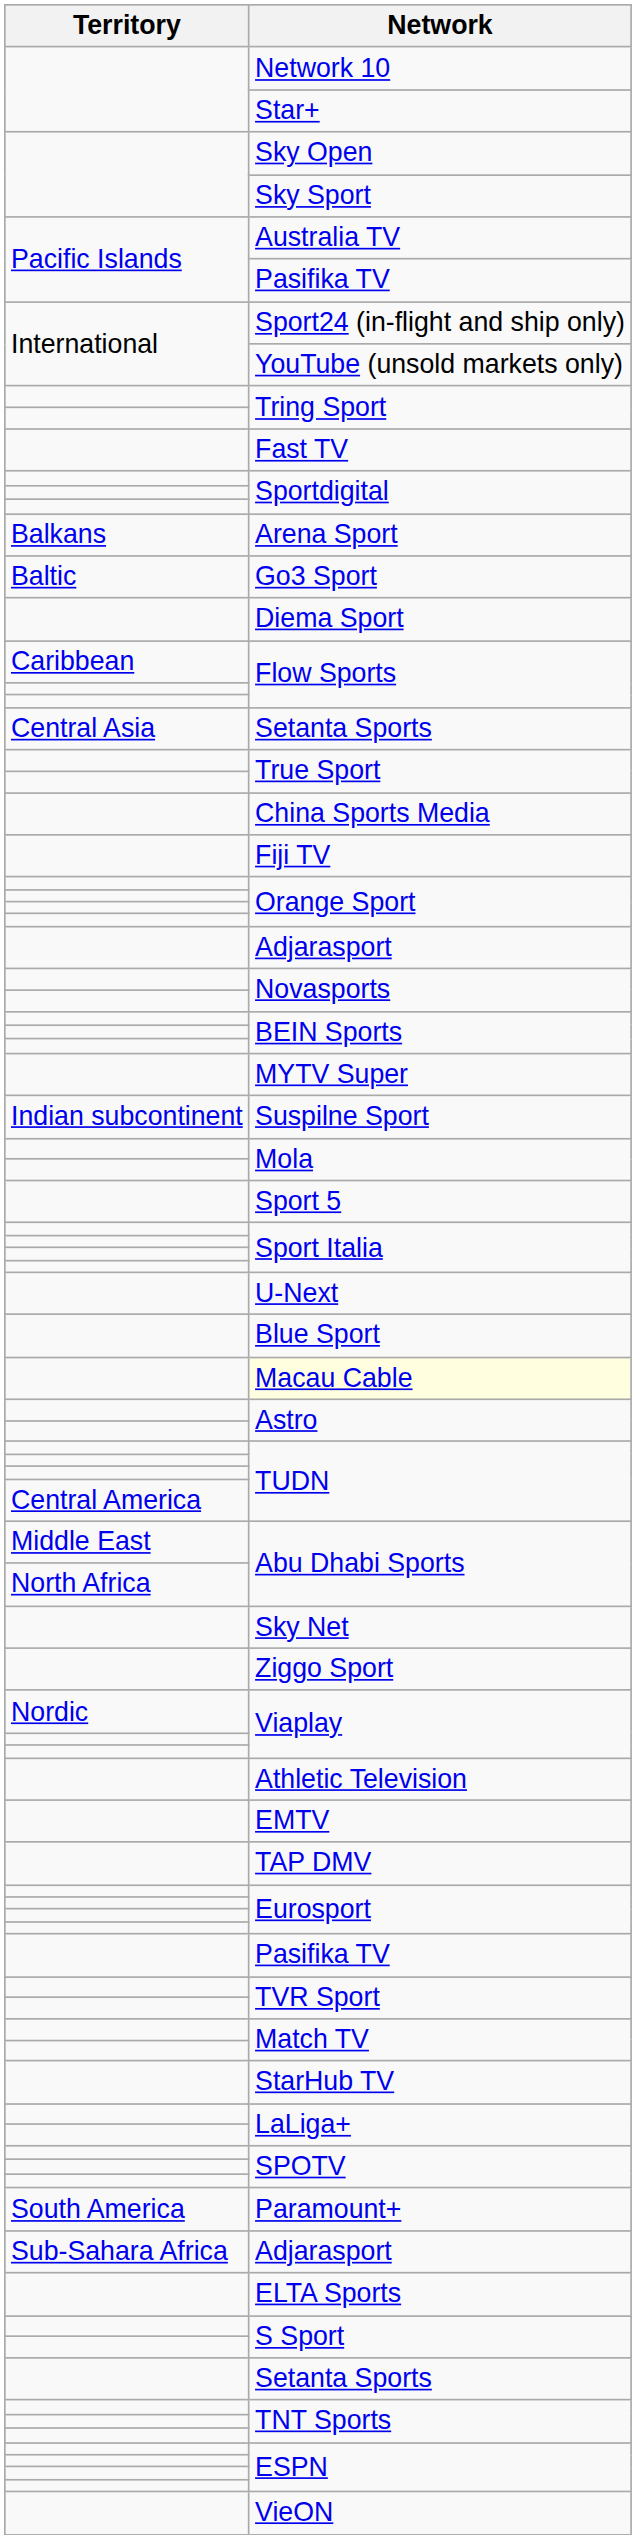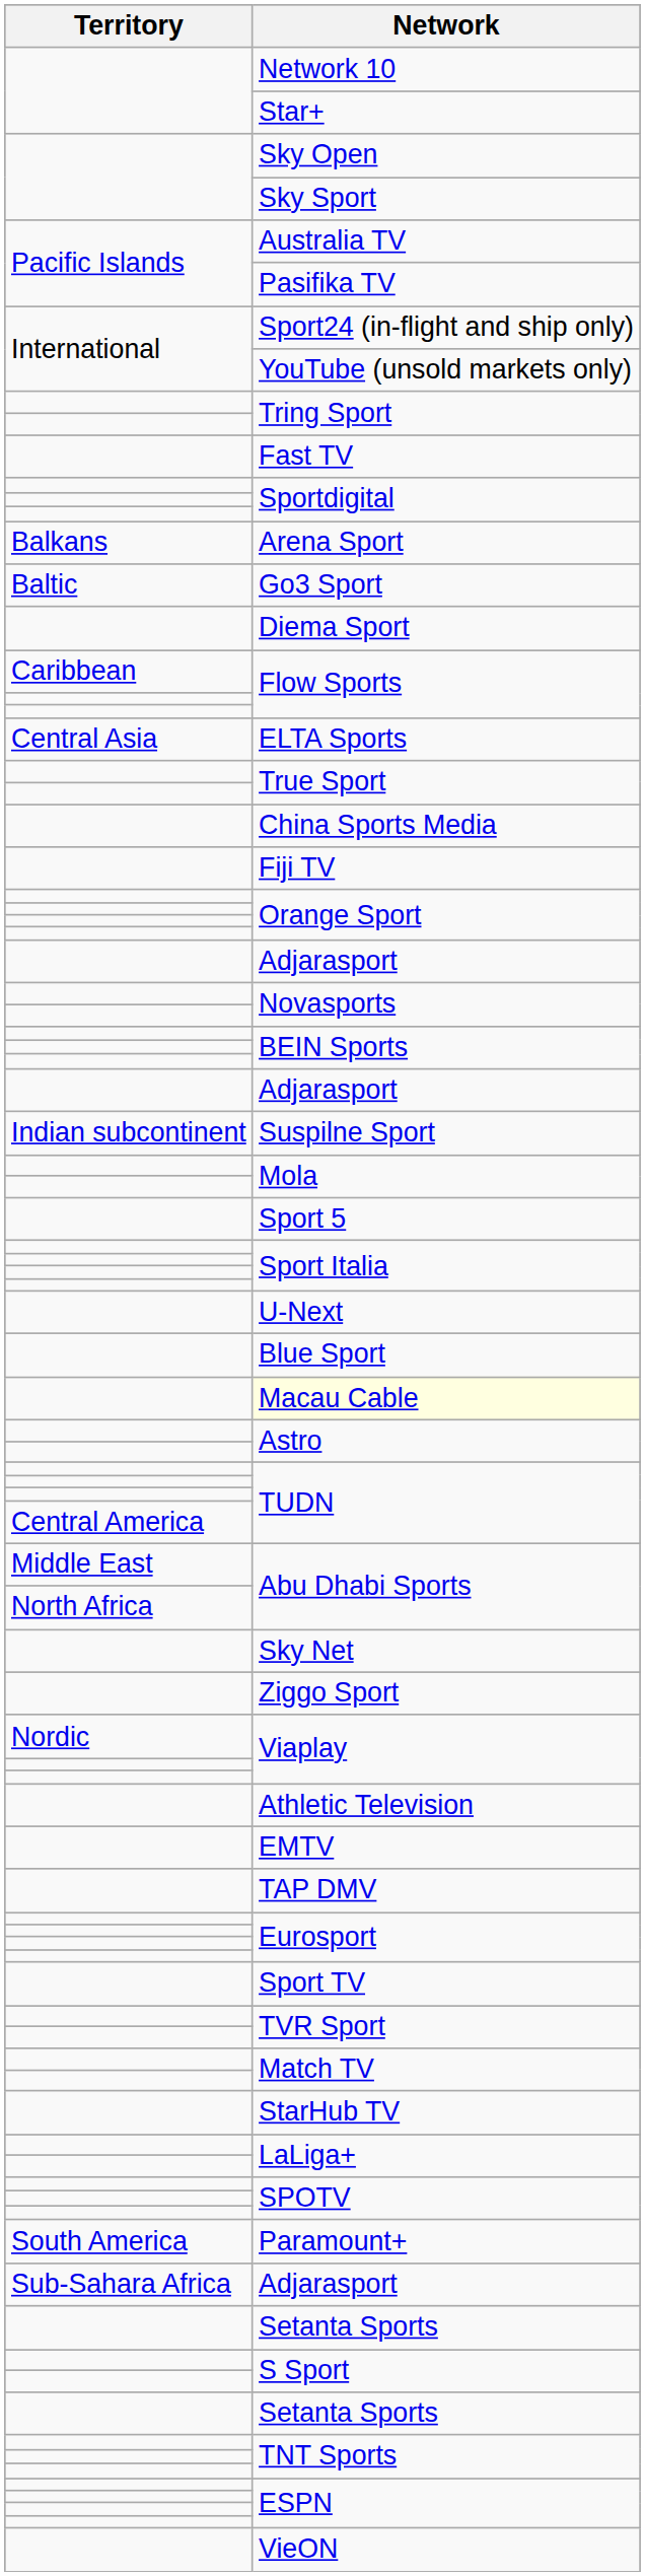 <table class="wikitable">
 <tr>
 <th>Territory</th>
 <th>Network</th>
 </tr>
 <tr>
 <td rowspan="2"></td>
 <td><a href='#'>Network 10</a></td>
 </tr>
 <tr>
 <td><a href='#'>Star+</a></td>
 </tr>
 <tr>
 <td rowspan="2"></td>
 <td><a href='#'>Sky Open</a></td>
 </tr>
 <tr>
 <td><a href='#'>Sky Sport</a></td>
 </tr>
 <tr>
 <td rowspan="2"><a href='#'>Pacific Islands</a></td>
 <td><a href='#'>Australia TV</a></td>
 </tr>
 <tr>
 <td><a href='#'>Pasifika TV</a></td>
 </tr>
 <tr>
 <td rowspan="2">International</td>
 <td><a href='#'>Sport24</a> (in-flight and ship only)</td>
 </tr>
 <tr>
 <td><a href='#'>YouTube</a> (unsold markets only)</td>
 </tr>
 <tr>
 <td></td>
 <td rowspan="2"><a href='#'>Tring Sport</a></td>
 </tr>
 <tr>
 <td></td>
 </tr>
 <tr>
 <td></td>
 <td><a href='#'>Fast TV</a></td>
 </tr>
 <tr>
 <td></td>
 <td rowspan="3"><a href='#'>Sportdigital</a></td>
 </tr>
 <tr>
 <td></td>
 </tr>
 <tr>
 <td></td>
 </tr>
 <tr>
 <td><a href='#'>Balkans</a></td>
 <td><a href='#'>Arena Sport</a></td>
 </tr>
 <tr>
 <td><a href='#'>Baltic</a></td>
 <td><a href='#'>Go3 Sport</a></td>
 </tr>
 <tr>
 <td></td>
 <td><a href='#'>Diema Sport</a></td>
 </tr>
 <tr>
 <td><a href='#'>Caribbean</a></td>
 <td rowspan="3"><a href='#'>Flow Sports</a></td>
 </tr>
 <tr>
 <td></td>
 </tr>
 <tr>
 <td></td>
 </tr>
 <tr>
 <td><a href='#'>Central Asia</a></td>
-<td><a href='#'>Setanta Sports</a></td>
+<td><a href='#'>ELTA Sports</a></td>
 </tr>
 <tr>
 <td></td>
 <td rowspan="2"><a href='#'>True Sport</a></td>
 </tr>
 <tr>
 <td></td>
 </tr>
 <tr>
 <td></td>
 <td><a href='#'>China Sports Media</a></td>
 </tr>
 <tr>
 <td></td>
 <td><a href='#'>Fiji TV</a></td>
 </tr>
 <tr>
 <td></td>
 <td rowspan="4"><a href='#'>Orange Sport</a></td>
 </tr>
 <tr>
 <td></td>
 </tr>
 <tr>
 <td></td>
 </tr>
 <tr>
 <td></td>
 </tr>
 <tr>
 <td></td>
 <td><a href='#'>Adjarasport</a></td>
 </tr>
 <tr>
 <td></td>
 <td rowspan="2"><a href='#'>Novasports</a></td>
 </tr>
 <tr>
 <td></td>
 </tr>
 <tr>
 <td></td>
 <td rowspan="3"><a href='#'>BEIN Sports</a></td>
 </tr>
 <tr>
 <td></td>
 </tr>
 <tr>
 <td></td>
 </tr>
 <tr>
 <td></td>
-<td><a href='#'>MYTV Super</a></td>
+<td><a href='#'>Adjarasport</a></td>
 </tr>
 <tr>
 <td><a href='#'>Indian subcontinent</a></td>
 <td><a href='#'>Suspilne Sport</a></td>
 </tr>
 <tr>
 <td></td>
 <td rowspan="2"><a href='#'>Mola</a></td>
 </tr>
 <tr>
 <td></td>
 </tr>
 <tr>
 <td></td>
 <td><a href='#'>Sport 5</a></td>
 </tr>
 <tr>
 <td></td>
 <td rowspan="4"><a href='#'>Sport Italia</a></td>
 </tr>
 <tr>
 <td></td>
 </tr>
 <tr>
 <td></td>
 </tr>
 <tr>
 <td></td>
 </tr>
 <tr>
 <td></td>
 <td><a href='#'>U-Next</a></td>
 </tr>
 <tr>
 <td></td>
 <td><a href='#'>Blue Sport</a></td>
 </tr>
 <tr>
 <td></td>
 <td style="background: lightyellow;"><a href='#'>Macau Cable</a></td>
 </tr>
 <tr>
 <td></td>
 <td rowspan="2"><a href='#'>Astro</a></td>
 </tr>
 <tr>
 <td></td>
 </tr>
 <tr>
 <td></td>
 <td rowspan="4"><a href='#'>TUDN</a></td>
 </tr>
 <tr>
 <td></td>
 </tr>
 <tr>
 <td></td>
 </tr>
 <tr>
 <td><a href='#'>Central America</a></td>
 </tr>
 <tr>
 <td><a href='#'>Middle East</a></td>
 <td rowspan="2"><a href='#'>Abu Dhabi Sports</a></td>
 </tr>
 <tr>
 <td><a href='#'>North Africa</a></td>
 </tr>
 <tr>
 <td></td>
 <td><a href='#'>Sky Net</a></td>
 </tr>
 <tr>
 <td></td>
 <td><a href='#'>Ziggo Sport</a></td>
 </tr>
 <tr>
 <td><a href='#'>Nordic</a></td>
 <td rowspan="3"><a href='#'>Viaplay</a></td>
 </tr>
 <tr>
 <td></td>
 </tr>
 <tr>
 <td></td>
 </tr>
 <tr>
 <td></td>
 <td><a href='#'>Athletic Television</a></td>
 </tr>
 <tr>
 <td></td>
 <td><a href='#'>EMTV</a></td>
 </tr>
 <tr>
 <td></td>
 <td><a href='#'>TAP DMV</a></td>
 </tr>
 <tr>
 <td></td>
 <td rowspan="4"><a href='#'>Eurosport</a></td>
 </tr>
 <tr>
 <td></td>
 </tr>
 <tr>
 <td></td>
 </tr>
 <tr>
 <td></td>
 </tr>
 <tr>
 <td></td>
-<td><a href='#'>Pasifika TV</a></td>
+<td><a href='#'>Sport TV</a></td>
 </tr>
 <tr>
 <td></td>
 <td rowspan="2"><a href='#'>TVR Sport</a></td>
 </tr>
 <tr>
 <td></td>
 </tr>
 <tr>
 <td></td>
 <td rowspan="2"><a href='#'>Match TV</a></td>
 </tr>
 <tr>
 <td></td>
 </tr>
 <tr>
 <td></td>
 <td><a href='#'>StarHub TV</a></td>
 </tr>
 <tr>
 <td></td>
 <td rowspan="2"><a href='#'>LaLiga+</a></td>
 </tr>
 <tr>
 <td></td>
 </tr>
 <tr>
 <td></td>
 <td rowspan="3"><a href='#'>SPOTV</a></td>
 </tr>
 <tr>
 <td></td>
 </tr>
 <tr>
 <td></td>
 </tr>
 <tr>
 <td><a href='#'>South America</a></td>
 <td><a href='#'>Paramount+</a></td>
 </tr>
 <tr>
 <td><a href='#'>Sub-Sahara Africa</a></td>
 <td><a href='#'>Adjarasport</a></td>
 </tr>
 <tr>
 <td></td>
-<td><a href='#'>ELTA Sports</a></td>
+<td><a href='#'>Setanta Sports</a></td>
 </tr>
 <tr>
 <td></td>
 <td rowspan="2"><a href='#'>S Sport</a></td>
 </tr>
 <tr>
 <td></td>
 </tr>
 <tr>
 <td></td>
 <td><a href='#'>Setanta Sports</a></td>
 </tr>
 <tr>
 <td></td>
 <td rowspan="3"><a href='#'>TNT Sports</a></td>
 </tr>
 <tr>
 <td></td>
 </tr>
 <tr>
 <td></td>
 </tr>
 <tr>
 <td></td>
 <td rowspan="4"><a href='#'>ESPN</a></td>
 </tr>
 <tr>
 <td></td>
 </tr>
 <tr>
 <td></td>
 </tr>
 <tr>
 <td></td>
 </tr>
 <tr>
 <td></td>
 <td><a href='#'>VieON</a></td>
 </tr>
 </table>
